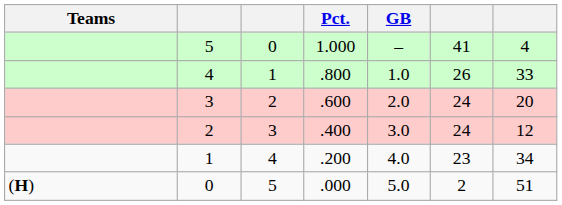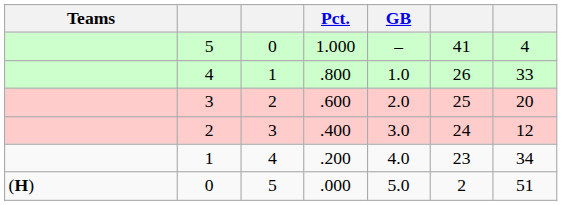 <table class="wikitable" style="text-align:center;">
 <tr>
 <th width=150px>Teams</th>
 <th width=50px></th>
 <th width=50px></th>
 <th width=50px><a href='#'>Pct.</a></th>
 <th width=50px><a href='#'>GB</a></th>
 <th width=50px></th>
 <th width=50px></th>
 </tr>
 <tr style="background-color:#cfc">
 <td align=left></td>
 <td>5</td>
 <td>0</td>
 <td>1.000</td>
 <td>–</td>
 <td>41</td>
 <td>4</td>
 </tr>
 <tr style="background-color:#cfc">
 <td align=left></td>
 <td>4</td>
 <td>1</td>
 <td>.800</td>
 <td>1.0</td>
 <td>26</td>
 <td>33</td>
 </tr>
 <tr style="background-color:#fcc">
 <td align=left></td>
 <td>3</td>
 <td>2</td>
 <td>.600</td>
 <td>2.0</td>
-<td>24</td>
+<td>25</td>
 <td>20</td>
 </tr>
 <tr style="background-color:#fcc">
 <td align=left></td>
 <td>2</td>
 <td>3</td>
 <td>.400</td>
 <td>3.0</td>
 <td>24</td>
 <td>12</td>
 </tr>
 <tr>
 <td align=left></td>
 <td>1</td>
 <td>4</td>
 <td>.200</td>
 <td>4.0</td>
 <td>23</td>
 <td>34</td>
 </tr>
 <tr>
 <td align=left>(<strong>H</strong>)</td>
 <td>0</td>
 <td>5</td>
 <td>.000</td>
 <td>5.0</td>
 <td>2</td>
 <td>51</td>
 </tr>
 </table>
